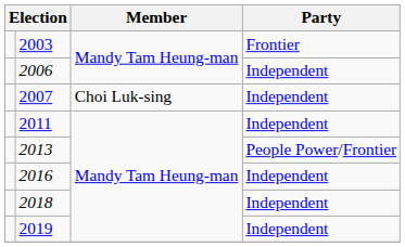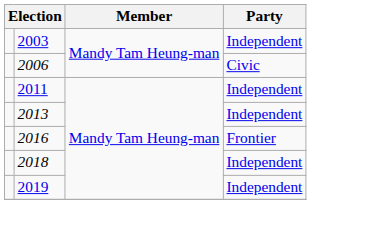 <table class="wikitable">
 <tr>
 <th colspan="2">Election</th>
 <th>Member</th>
 <th>Party</th>
 </tr>
 <tr>
 <td style="background-color: "></td>
 <td><a href='#'>2003</a></td>
 <td rowspan=2><a href='#'>Mandy Tam Heung-man</a></td>
-<td><a href='#'>Frontier</a></td>
+<td><a href='#'>Independent</a></td>
 </tr>
 <tr>
 <td style="background-color: "></td>
 <td><em>2006</em></td>
-<td><a href='#'>Independent</a></td>
-</tr>
-<tr>
-<td style="background-color: "></td>
-<td><a href='#'>2007</a></td>
-<td>Choi Luk-sing</td>
-<td><a href='#'>Independent</a></td>
+<td><a href='#'>Civic</a></td>
 </tr>
 <tr>
 <td style="background-color: "></td>
 <td><a href='#'>2011</a></td>
 <td rowspan=5><a href='#'>Mandy Tam Heung-man</a></td>
 <td><a href='#'>Independent</a></td>
 </tr>
 <tr>
 <td style="background-color: "></td>
 <td><em>2013</em></td>
-<td><a href='#'>People Power</a>/<a href='#'>Frontier</a></td>
+<td><a href='#'>Independent</a></td>
 </tr>
 <tr>
 <td style="background-color: "></td>
 <td><em>2016</em></td>
-<td><a href='#'>Independent</a></td>
+<td><a href='#'>Frontier</a></td>
 </tr>
 <tr>
 <td style="background-color: "></td>
 <td><em>2018</em></td>
 <td><a href='#'>Independent</a></td>
 </tr>
 <tr>
 <td style="background-color: "></td>
 <td><a href='#'>2019</a></td>
 <td><a href='#'>Independent</a></td>
 </tr>
 <tr>
 </tr>
 </table>
